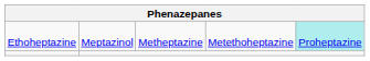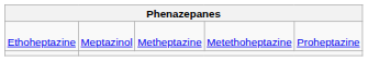 <table class="wikitable" style="font-size:smaller; text-align:center">
 <tr>
 <th colspan="5">Phenazepanes</th>
 </tr>
 <tr>
 <td><br><a href='#'>Ethoheptazine</a></td>
 <td><br><a href='#'>Meptazinol</a></td>
 <td><br><a href='#'>Metheptazine</a></td>
 <td><br><a href='#'>Metethoheptazine</a></td>
-<td style="background: paleturquoise;"><br><a href='#'>Proheptazine</a></td>
+<td><br><a href='#'>Proheptazine</a></td>
 </tr>
 <tr>
 <td></td>
 </tr>
 </table>
